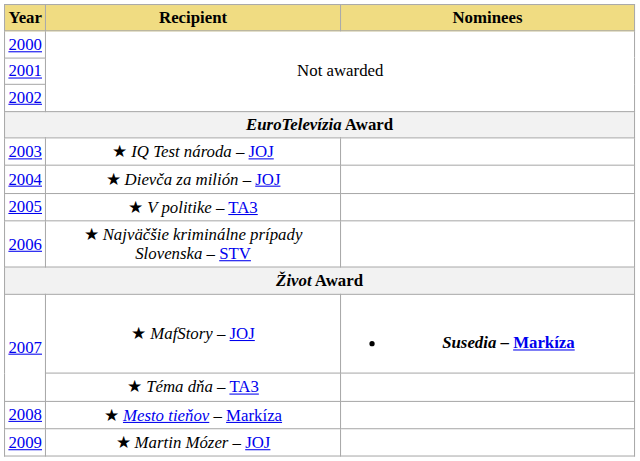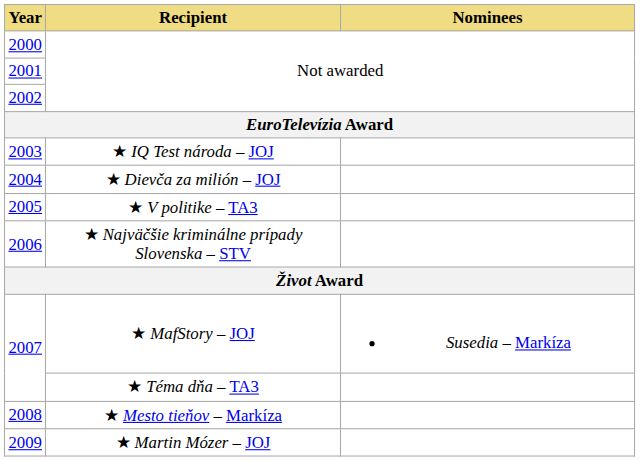 <table class=wikitable sortable style="background:white; text-align:center">
 <tr>
 <th style=background:#F0DC82>Year</th>
 <th style=background:#F0DC82 width=273>Recipient</th>
 <th style=background:#F0DC82 width=273>Nominees</th>
 </tr>
 <tr>
 <td><a href='#'>2000</a></td>
 <td rowspan=3 colspan=2>Not awarded</td>
 </tr>
 <tr>
 <td><a href='#'>2001</a></td>
 </tr>
 <tr>
 <td><a href='#'>2002</a></td>
 </tr>
 <tr>
 <th colspan=3><em>EuroTelevízia</em> Award</th>
 </tr>
 <tr>
 <td><a href='#'>2003</a></td>
 <td>★ <em>IQ Test národa</em> – <a href='#'>JOJ</a></td>
 <td></td>
 </tr>
 <tr>
 <td><a href='#'>2004</a></td>
 <td>★ <em>Dievča za milión</em> – <a href='#'>JOJ</a></td>
 <td></td>
 </tr>
 <tr>
 <td><a href='#'>2005</a></td>
 <td>★ <em>V politike</em> – <a href='#'>TA3</a></td>
 <td></td>
 </tr>
 <tr>
 <td><a href='#'>2006</a></td>
 <td>★ <em>Najväčšie kriminálne prípady Slovenska</em> – <a href='#'>STV</a></td>
 <td></td>
 </tr>
 <tr>
 <th colspan=3><em>Život</em> Award</th>
 </tr>
 <tr>
 <td rowspan=2><a href='#'>2007</a></td>
 <td>★ <em>MafStory</em> – <a href='#'>JOJ</a></td>
-<td><strong><br><ul><li><em>Susedia</em> – <a href='#'>Markíza</a></li></ul></strong></td>
+<td><br><ul><li><em>Susedia</em> – <a href='#'>Markíza</a></li></ul></td>
 </tr>
 <tr>
 <td>★ <em>Téma dňa</em> – <a href='#'>TA3</a> </td>
 <td></td>
 </tr>
 <tr>
 <td><a href='#'>2008</a></td>
 <td>★ <em><a href='#'>Mesto tieňov</a></em> – <a href='#'>Markíza</a></td>
 <td></td>
 </tr>
 <tr>
 <td><a href='#'>2009</a></td>
 <td>★ <em>Martin Mózer</em> – <a href='#'>JOJ</a></td>
 <td></td>
 </tr>
 </table>
